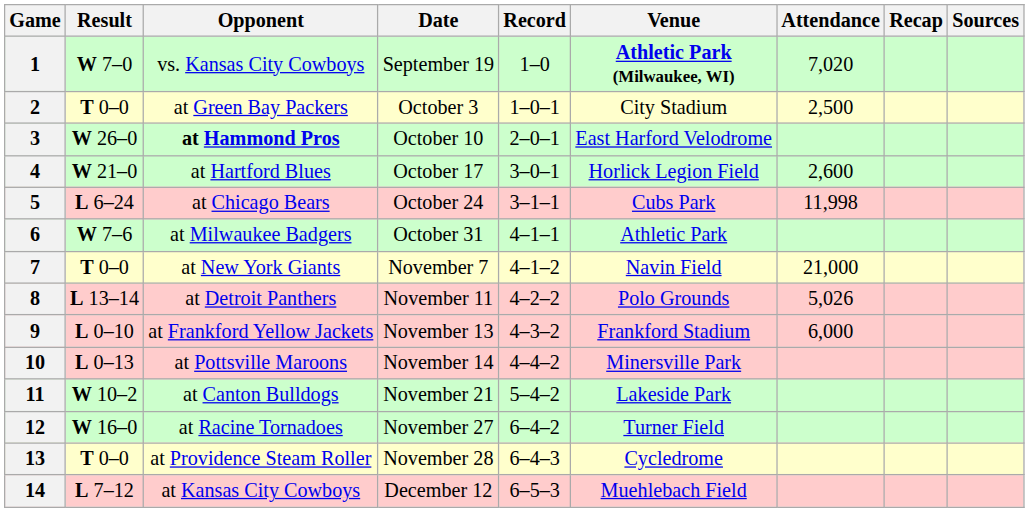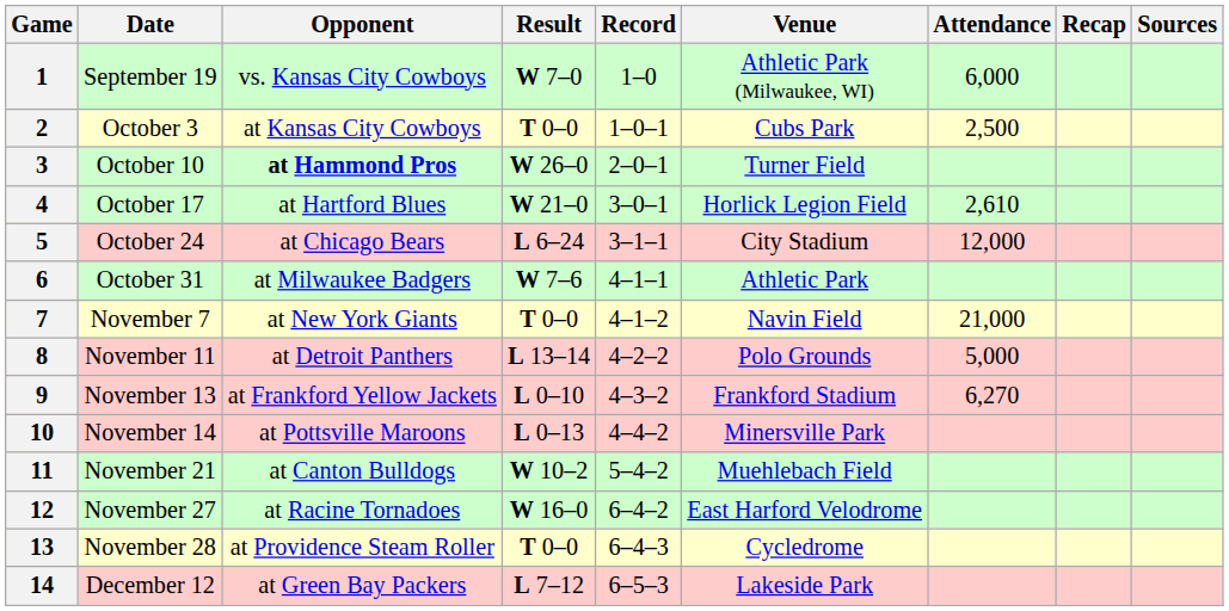 <table class="wikitable" style="text-align:center">
 <tr>
 <th>Game</th>
+<th>Date</th>
+<th>Opponent</th>
 <th>Result</th>
-<th>Opponent</th>
-<th>Date</th>
 <th>Record</th>
 <th>Venue</th>
 <th>Attendance</th>
 <th>Recap</th>
 <th>Sources</th>
 </tr>
 <tr style="background:#cfc">
 <th>1</th>
+<td>September 19</td>
+<td>vs. <a href='#'>Kansas City Cowboys</a></td>
 <td><strong>W</strong> 7–0</td>
-<td>vs. <a href='#'>Kansas City Cowboys</a></td>
-<td>September 19</td>
 <td>1–0</td>
-<td><strong><a href='#'>Athletic Park</a> <br><small>(Milwaukee, WI)</small></strong></td>
-<td>7,020</td>
+<td><a href='#'>Athletic Park</a> <br><small>(Milwaukee, WI)</small></td>
+<td>6,000</td>
 <td></td>
 <td></td>
 </tr>
 <tr style="background:#ffc">
 <th>2</th>
+<td>October 3</td>
+<td>at <a href='#'>Kansas City Cowboys</a></td>
 <td><strong>T</strong> 0–0</td>
-<td>at <a href='#'>Green Bay Packers</a></td>
-<td>October 3</td>
 <td>1–0–1</td>
-<td>City Stadium</td>
+<td><a href='#'>Cubs Park</a></td>
 <td>2,500</td>
 <td></td>
 <td></td>
 </tr>
 <tr style="background:#cfc">
 <th>3</th>
+<td>October 10</td>
+<td><strong>at <a href='#'>Hammond Pros</a></strong></td>
 <td><strong>W</strong> 26–0</td>
-<td><strong>at <a href='#'>Hammond Pros</a></strong></td>
-<td>October 10</td>
 <td>2–0–1</td>
-<td><a href='#'>East Harford Velodrome</a></td>
+<td><a href='#'>Turner Field</a></td>
 <td></td>
 <td></td>
 <td></td>
 </tr>
 <tr style="background:#cfc">
 <th>4</th>
+<td>October 17</td>
+<td>at <a href='#'>Hartford Blues</a></td>
 <td><strong>W</strong> 21–0</td>
-<td>at <a href='#'>Hartford Blues</a></td>
-<td>October 17</td>
 <td>3–0–1</td>
 <td><a href='#'>Horlick Legion Field</a></td>
-<td>2,600</td>
+<td>2,610</td>
 <td></td>
 <td></td>
 </tr>
 <tr style="background:#fcc">
 <th>5</th>
+<td>October 24</td>
+<td>at <a href='#'>Chicago Bears</a></td>
 <td><strong>L</strong> 6–24</td>
-<td>at <a href='#'>Chicago Bears</a></td>
-<td>October 24</td>
 <td>3–1–1</td>
-<td><a href='#'>Cubs Park</a></td>
-<td>11,998</td>
+<td>City Stadium</td>
+<td>12,000</td>
 <td></td>
 <td></td>
 </tr>
 <tr style="background:#cfc">
 <th>6</th>
+<td>October 31</td>
+<td>at <a href='#'>Milwaukee Badgers</a></td>
 <td><strong>W</strong> 7–6</td>
-<td>at <a href='#'>Milwaukee Badgers</a></td>
-<td>October 31</td>
 <td>4–1–1</td>
 <td><a href='#'>Athletic Park</a></td>
 <td></td>
 <td></td>
 <td></td>
 </tr>
 <tr style="background:#ffc">
 <th>7</th>
+<td>November 7</td>
+<td>at <a href='#'>New York Giants</a></td>
 <td><strong>T</strong> 0–0</td>
-<td>at <a href='#'>New York Giants</a></td>
-<td>November 7</td>
 <td>4–1–2</td>
 <td><a href='#'>Navin Field</a></td>
 <td>21,000</td>
 <td></td>
 <td></td>
 </tr>
 <tr style="background:#fcc">
 <th>8</th>
+<td>November 11</td>
+<td>at <a href='#'>Detroit Panthers</a></td>
 <td><strong>L</strong> 13–14</td>
-<td>at <a href='#'>Detroit Panthers</a></td>
-<td>November 11</td>
 <td>4–2–2</td>
 <td><a href='#'>Polo Grounds</a></td>
-<td>5,026</td>
+<td>5,000</td>
 <td></td>
 <td></td>
 </tr>
 <tr style="background:#fcc">
 <th>9</th>
+<td>November 13</td>
+<td>at <a href='#'>Frankford Yellow Jackets</a></td>
 <td><strong>L</strong> 0–10</td>
-<td>at <a href='#'>Frankford Yellow Jackets</a></td>
-<td>November 13</td>
 <td>4–3–2</td>
 <td><a href='#'>Frankford Stadium</a></td>
-<td>6,000</td>
+<td>6,270</td>
 <td></td>
 <td></td>
 </tr>
 <tr style="background:#fcc">
 <th>10</th>
+<td>November 14</td>
+<td>at <a href='#'>Pottsville Maroons</a></td>
 <td><strong>L</strong> 0–13</td>
-<td>at <a href='#'>Pottsville Maroons</a></td>
-<td>November 14</td>
 <td>4–4–2</td>
 <td><a href='#'>Minersville Park</a></td>
 <td></td>
 <td></td>
 <td></td>
 </tr>
 <tr style="background:#cfc">
 <th>11</th>
+<td>November 21</td>
+<td>at <a href='#'>Canton Bulldogs</a></td>
 <td><strong>W</strong> 10–2</td>
-<td>at <a href='#'>Canton Bulldogs</a></td>
-<td>November 21</td>
 <td>5–4–2</td>
-<td><a href='#'>Lakeside Park</a></td>
+<td><a href='#'>Muehlebach Field</a></td>
 <td></td>
 <td></td>
 <td></td>
 </tr>
 <tr style="background:#cfc">
 <th>12</th>
+<td>November 27</td>
+<td>at <a href='#'>Racine Tornadoes</a></td>
 <td><strong>W</strong> 16–0</td>
-<td>at <a href='#'>Racine Tornadoes</a></td>
-<td>November 27</td>
 <td>6–4–2</td>
-<td><a href='#'>Turner Field</a></td>
+<td><a href='#'>East Harford Velodrome</a></td>
 <td></td>
 <td></td>
 <td></td>
 </tr>
 <tr style="background:#ffc">
 <th>13</th>
+<td>November 28</td>
+<td>at <a href='#'>Providence Steam Roller</a></td>
 <td><strong>T</strong> 0–0</td>
-<td>at <a href='#'>Providence Steam Roller</a></td>
-<td>November 28</td>
 <td>6–4–3</td>
 <td><a href='#'>Cycledrome</a></td>
 <td></td>
 <td></td>
 <td></td>
 </tr>
 <tr style="background:#fcc">
 <th>14</th>
+<td>December 12</td>
+<td>at <a href='#'>Green Bay Packers</a></td>
 <td><strong>L</strong> 7–12</td>
-<td>at <a href='#'>Kansas City Cowboys</a></td>
-<td>December 12</td>
 <td>6–5–3</td>
-<td><a href='#'>Muehlebach Field</a></td>
+<td><a href='#'>Lakeside Park</a></td>
 <td></td>
 <td></td>
 <td></td>
 </tr>
 </table>
